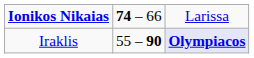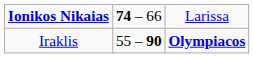 <table class="wikitable" style="text-align: center; font-size:100%">
 <tr>
 <td><strong><a href='#'>Ionikos Nikaias</a></strong></td>
 <td><strong>74</strong> – 66</td>
 <td><a href='#'>Larissa</a></td>
 </tr>
 <tr>
 <td><a href='#'>Iraklis</a></td>
 <td>55 – <strong>90</strong></td>
-<td style="background: lavender;"><strong><a href='#'>Olympiacos</a></strong></td>
+<td><strong><a href='#'>Olympiacos</a></strong></td>
 </tr>
 </table>
